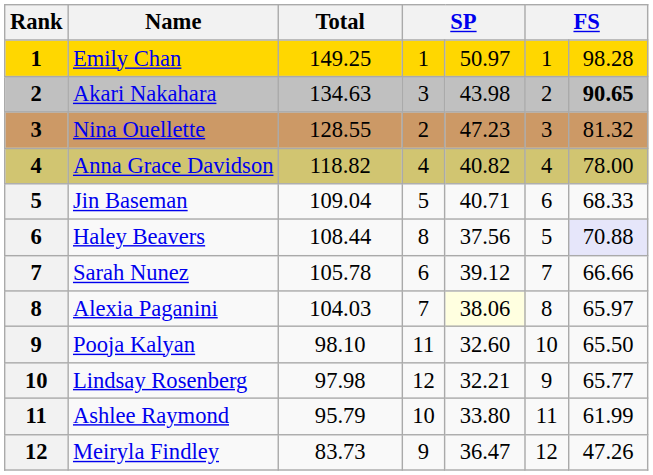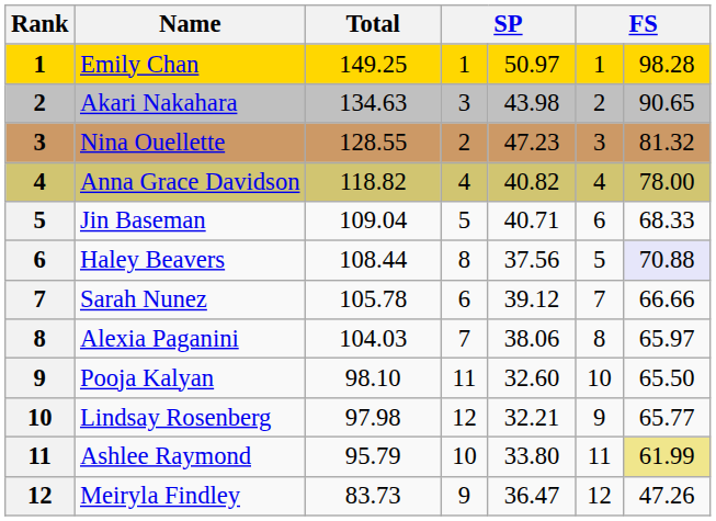 <table class="wikitable sortable">
 <tr>
 <th>Rank</th>
 <th>Name</th>
 <th width="80px">Total</th>
 <th colspan="2" width="80px"><a href='#'>SP</a></th>
 <th colspan="2" width="80px"><a href='#'>FS</a></th>
 </tr>
 <tr bgcolor="gold">
 <td align="center"><strong>1</strong></td>
 <td><a href='#'>Emily Chan</a></td>
 <td align="center">149.25</td>
 <td align="center">1</td>
 <td align="center">50.97</td>
 <td align="center">1</td>
 <td align="center">98.28</td>
 </tr>
 <tr bgcolor="silver">
 <td align="center"><strong>2</strong></td>
 <td><a href='#'>Akari Nakahara</a></td>
 <td align="center">134.63</td>
 <td align="center">3</td>
 <td align="center">43.98</td>
 <td align="center">2</td>
-<td align="center"><strong>90.65</strong></td>
+<td align="center">90.65</td>
 </tr>
 <tr bgcolor="cc9966">
 <td align="center"><strong>3</strong></td>
 <td><a href='#'>Nina Ouellette</a></td>
 <td align="center">128.55</td>
 <td align="center">2</td>
 <td align="center">47.23</td>
 <td align="center">3</td>
 <td align="center">81.32</td>
 </tr>
 <tr bgcolor="#d1c571">
 <td align="center"><strong>4</strong></td>
 <td><a href='#'>Anna Grace Davidson</a></td>
 <td align="center">118.82</td>
 <td align="center">4</td>
 <td align="center">40.82</td>
 <td align="center">4</td>
 <td align="center">78.00</td>
 </tr>
 <tr>
 <th>5</th>
 <td><a href='#'>Jin Baseman</a></td>
 <td align="center">109.04</td>
 <td align="center">5</td>
 <td align="center">40.71</td>
 <td align="center">6</td>
 <td align="center">68.33</td>
 </tr>
 <tr>
 <th>6</th>
 <td><a href='#'>Haley Beavers</a></td>
 <td align="center">108.44</td>
 <td align="center">8</td>
 <td align="center">37.56</td>
 <td align="center">5</td>
 <td align="center" style="background: lavender;">70.88</td>
 </tr>
 <tr>
 <th>7</th>
 <td><a href='#'>Sarah Nunez</a></td>
 <td align="center">105.78</td>
 <td align="center">6</td>
 <td align="center">39.12</td>
 <td align="center">7</td>
 <td align="center">66.66</td>
 </tr>
 <tr>
 <th>8</th>
 <td><a href='#'>Alexia Paganini</a></td>
 <td align="center">104.03</td>
 <td align="center">7</td>
-<td align="center" style="background: lightyellow;">38.06</td>
+<td align="center">38.06</td>
 <td align="center">8</td>
 <td align="center">65.97</td>
 </tr>
 <tr>
 <th>9</th>
 <td><a href='#'>Pooja Kalyan</a></td>
 <td align="center">98.10</td>
 <td align="center">11</td>
 <td align="center">32.60</td>
 <td align="center">10</td>
 <td align="center">65.50</td>
 </tr>
 <tr>
 <th>10</th>
 <td><a href='#'>Lindsay Rosenberg</a></td>
 <td align="center">97.98</td>
 <td align="center">12</td>
 <td align="center">32.21</td>
 <td align="center">9</td>
 <td align="center">65.77</td>
 </tr>
 <tr>
 <th>11</th>
 <td><a href='#'>Ashlee Raymond</a></td>
 <td align="center">95.79</td>
 <td align="center">10</td>
 <td align="center">33.80</td>
 <td align="center">11</td>
-<td align="center">61.99</td>
+<td align="center" style="background: khaki;">61.99</td>
 </tr>
 <tr>
 <th>12</th>
 <td><a href='#'>Meiryla Findley</a></td>
 <td align="center">83.73</td>
 <td align="center">9</td>
 <td align="center">36.47</td>
 <td align="center">12</td>
 <td align="center">47.26</td>
 </tr>
 </table>
